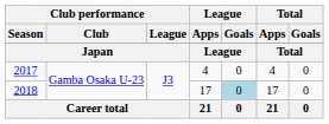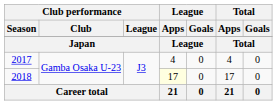 <table class="wikitable" style="text-align:center">
 <tr>
 <th colspan=3>Club performance</th>
 <th colspan=2>League</th>
 <th colspan=2>Total</th>
 </tr>
 <tr>
 <th>Season</th>
 <th>Club</th>
 <th>League</th>
 <th>Apps</th>
 <th>Goals</th>
 <th>Apps</th>
 <th>Goals</th>
 </tr>
 <tr>
 </tr>
 <tr>
 <th colspan=3>Japan</th>
 <th colspan=2>League</th>
 <th colspan=2>Total</th>
 </tr>
 <tr>
 <td><a href='#'>2017</a></td>
 <td rowspan = 2><a href='#'>Gamba Osaka U-23</a></td>
 <td rowspan = 2><a href='#'>J3</a></td>
 <td>4</td>
 <td>0</td>
 <td>4</td>
 <td>0</td>
 </tr>
 <tr>
 <td><a href='#'>2018</a></td>
-<td>17</td>
-<td style="background: lightblue;">0</td>
+<td style="background: lightyellow;">17</td>
+<td>0</td>
 <td>17</td>
 <td>0</td>
 </tr>
 <tr>
 <th colspan=3>Career total</th>
 <th>21</th>
 <th>0</th>
 <th>21</th>
 <th>0</th>
 </tr>
 </table>
